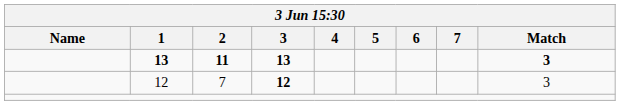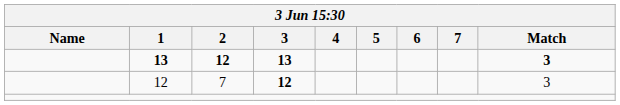 <table class=wikitable style="text-align:center; width: 55%">
 <tr>
 <th colspan=17><em> 3 Jun 15:30</em></th>
 </tr>
 <tr>
 <th>Name</th>
 <th>1</th>
 <th>2</th>
 <th>3</th>
 <th>4</th>
 <th>5</th>
 <th>6</th>
 <th>7</th>
 <th>Match</th>
 </tr>
 <tr>
 <td style="text-align:left;"><strong></strong></td>
 <td><strong>13</strong></td>
-<td><strong>11</strong></td>
+<td><strong>12</strong></td>
 <td><strong>13</strong></td>
 <td></td>
 <td></td>
 <td></td>
 <td></td>
 <td><strong>3</strong></td>
 </tr>
 <tr>
 <td style="text-align:left;"></td>
 <td>12</td>
 <td>7</td>
 <td><strong>12</strong></td>
 <td></td>
 <td></td>
 <td></td>
 <td></td>
 <td>3</td>
 </tr>
 <tr>
 <td colspan=17></td>
 </tr>
 </table>
